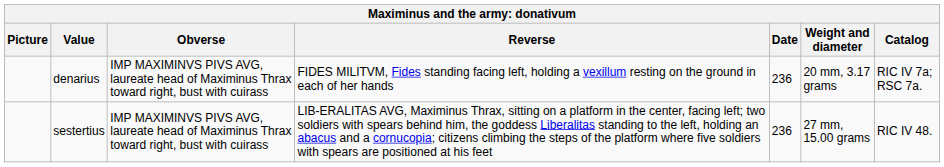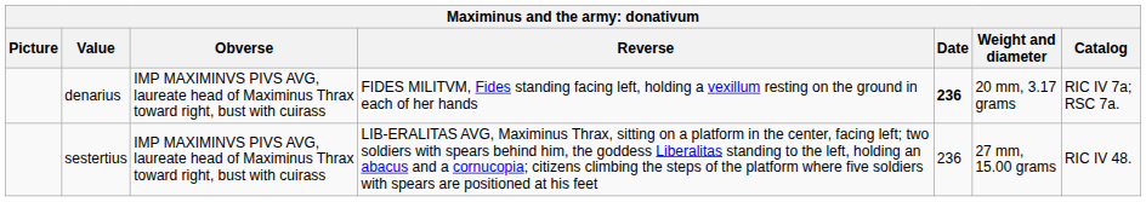 <table class="wikitable">
 <tr>
 <th colspan="7">Maximinus and the army: donativum</th>
 </tr>
 <tr>
 <th>Picture</th>
 <th>Value</th>
 <th>Obverse</th>
 <th>Reverse</th>
 <th>Date</th>
 <th>Weight and diameter</th>
 <th>Catalog</th>
 </tr>
 <tr>
 <td></td>
 <td>denarius</td>
 <td>IMP MAXIMINVS PIVS AVG, laureate head of Maximinus Thrax toward right, bust with cuirass</td>
 <td>FIDES MILITVM, <a href='#'>Fides</a> standing facing left, holding a <a href='#'>vexillum</a> resting on the ground in each of her hands</td>
-<td>236</td>
+<td><strong>236</strong></td>
 <td>20 mm, 3.17 grams</td>
 <td>RIC IV 7a; RSC 7a.</td>
 </tr>
 <tr>
 <td></td>
 <td>sestertius</td>
 <td>IMP MAXIMINVS PIVS AVG, laureate head of Maximinus Thrax toward right, bust with cuirass</td>
 <td>LIB-ERALITAS AVG, Maximinus Thrax, sitting on a platform in the center, facing left; two soldiers with spears behind him, the goddess <a href='#'>Liberalitas</a> standing to the left, holding an <a href='#'>abacus</a> and a <a href='#'>cornucopia</a>; citizens climbing the steps of the platform where five soldiers with spears are positioned at his feet</td>
 <td>236</td>
 <td>27 mm, 15.00 grams</td>
 <td>RIC IV 48.</td>
 </tr>
 </table>
